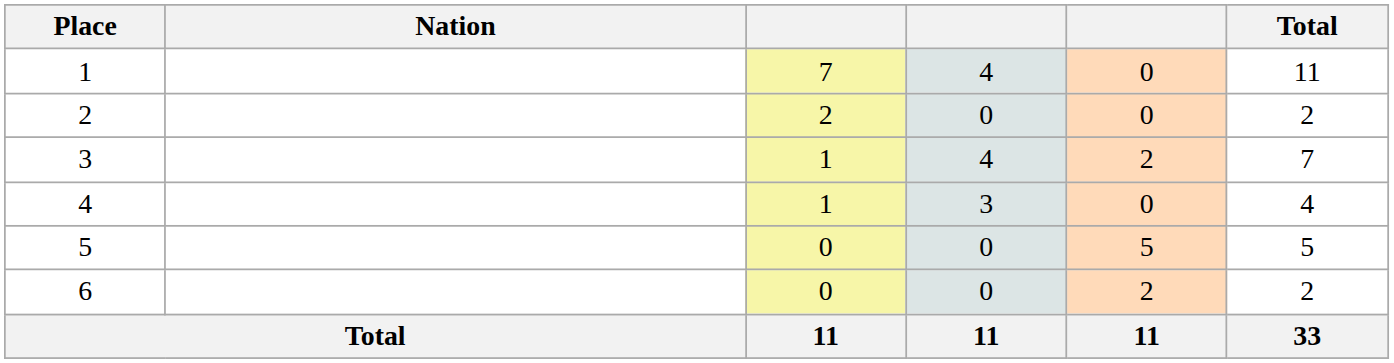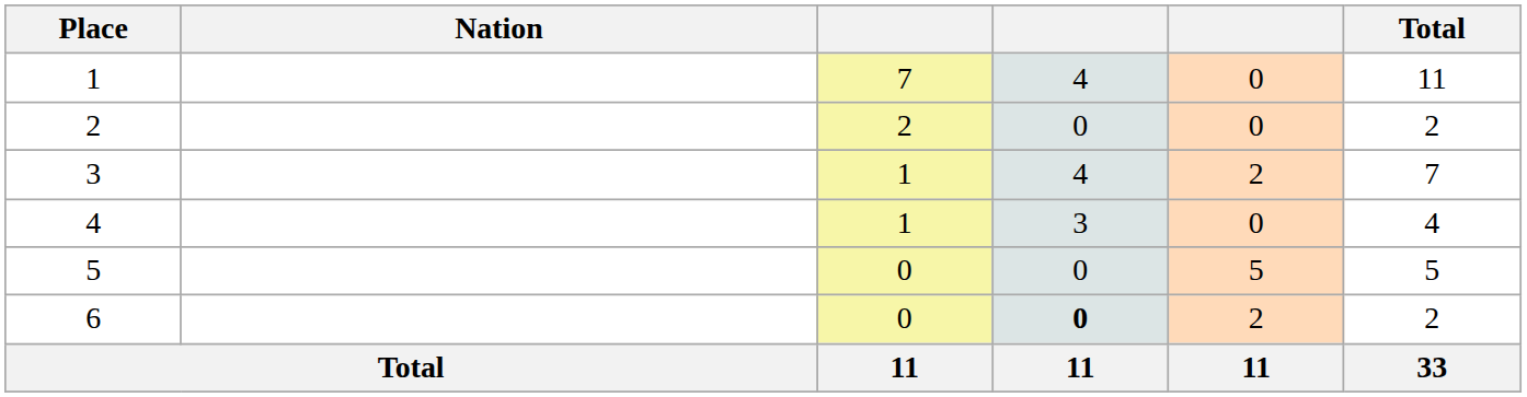 <table class="wikitable" style="border:1px solid #AAAAAA" width="90%">
 <tr bgcolor="#EFEFEF">
 <th width=50>Place</th>
 <th width=200>Nation</th>
 <th width=50></th>
 <th width=50></th>
 <th width=50></th>
 <th width=50>Total</th>
 </tr>
 <tr align="center" valign="center" bgcolor="#FFFFFF">
 <td>1</td>
 <td align="left"></td>
 <td style="background:#F7F6A8;">7</td>
 <td style="background:#DCE5E5;">4</td>
 <td style="background:#FFDAB9;">0</td>
 <td>11</td>
 </tr>
 <tr align="center" valign="center" bgcolor="#FFFFFF">
 <td>2</td>
 <td align="left"></td>
 <td style="background:#F7F6A8;">2</td>
 <td style="background:#DCE5E5;">0</td>
 <td style="background:#FFDAB9;">0</td>
 <td>2</td>
 </tr>
 <tr align="center" valign="center" bgcolor="#FFFFFF">
 <td>3</td>
 <td align="left"></td>
 <td style="background:#F7F6A8;">1</td>
 <td style="background:#DCE5E5;">4</td>
 <td style="background:#FFDAB9;">2</td>
 <td>7</td>
 </tr>
 <tr align="center" valign="center" bgcolor="#FFFFFF">
 <td>4</td>
 <td align="left"></td>
 <td style="background:#F7F6A8;">1</td>
 <td style="background:#DCE5E5;">3</td>
 <td style="background:#FFDAB9;">0</td>
 <td>4</td>
 </tr>
 <tr align="center" valign="center" bgcolor="#FFFFFF">
 <td>5</td>
 <td align="left"></td>
 <td style="background:#F7F6A8;">0</td>
 <td style="background:#DCE5E5;">0</td>
 <td style="background:#FFDAB9;">5</td>
 <td>5</td>
 </tr>
 <tr align="center" valign="center" bgcolor="#FFFFFF">
 <td>6</td>
 <td align="left"></td>
 <td style="background:#F7F6A8;">0</td>
-<td style="background:#DCE5E5;">0</td>
+<td style="background:#DCE5E5;"><strong>0</strong></td>
 <td style="background:#FFDAB9;">2</td>
 <td>2</td>
 </tr>
 <tr bgcolor="#EFEFEF">
 <th colspan=2>Total</th>
 <th>11</th>
 <th>11</th>
 <th>11</th>
 <th>33</th>
 </tr>
 </table>
